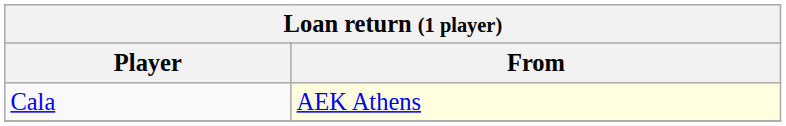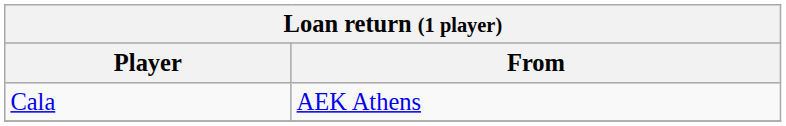 <table class="wikitable collapsible collapsed">
 <tr>
 <th colspan="2" width="500"> <strong>Loan return</strong> <small>(1 player)</small></th>
 </tr>
 <tr>
 <th>Player</th>
 <th>From</th>
 </tr>
 <tr>
 <td> <a href='#'>Cala</a></td>
-<td style="background: lightyellow;"> <a href='#'>AEK Athens</a></td>
+<td> <a href='#'>AEK Athens</a></td>
 </tr>
 <tr>
 </tr>
 </table>
